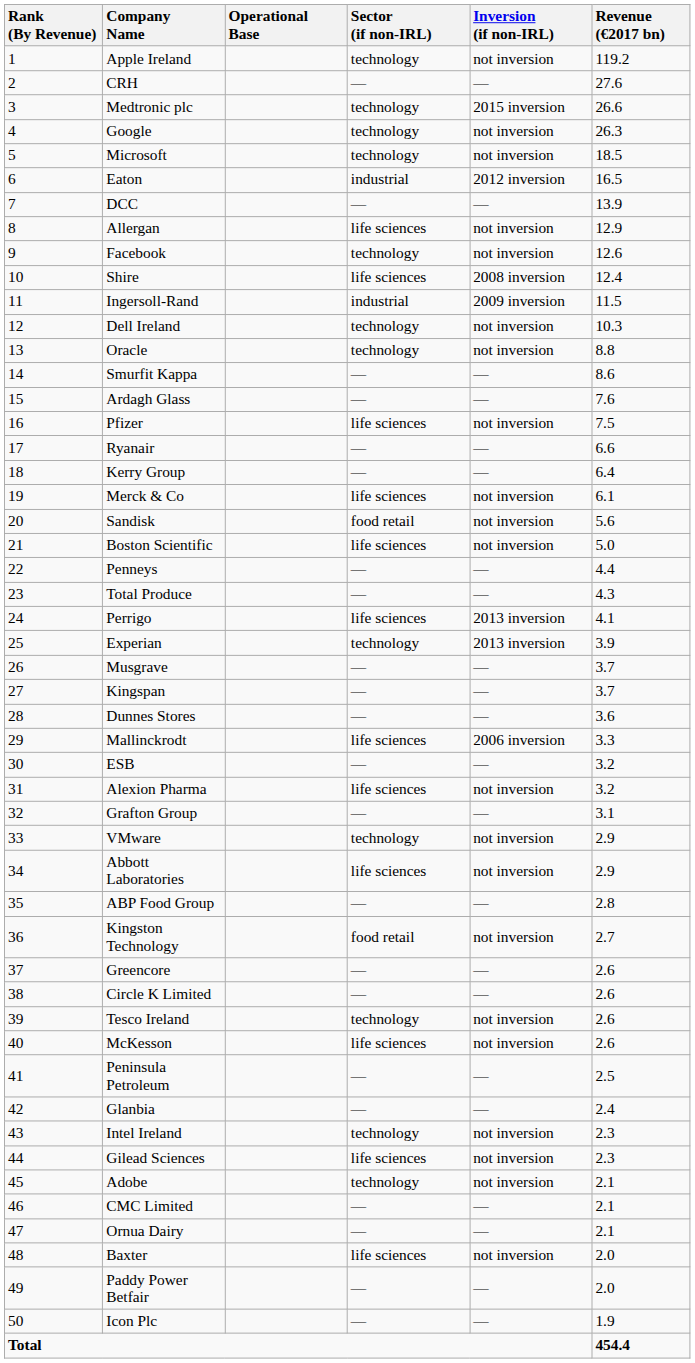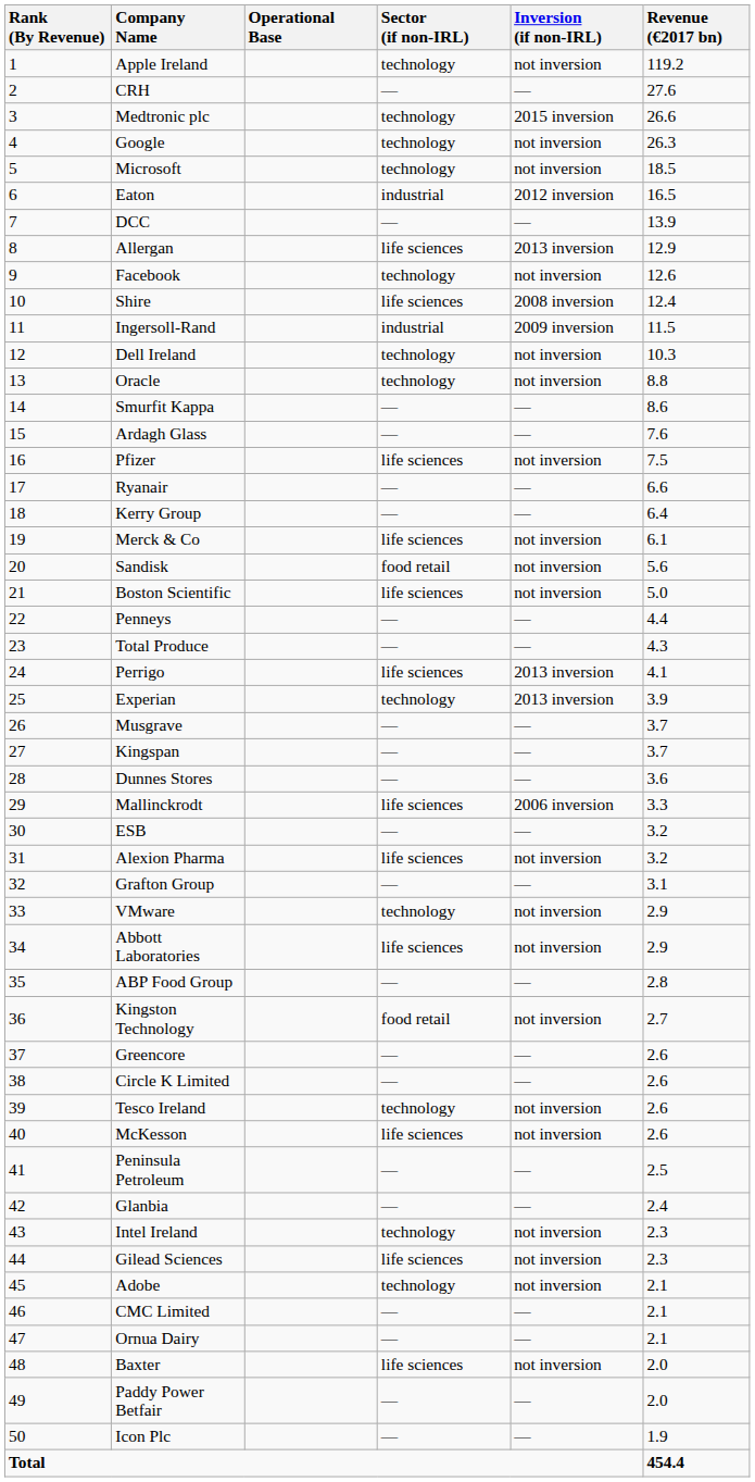 <table class="wikitable sortable" style="text-align:left">
 <tr>
 <th style="width:95px;text-align:left">Rank<br>(By Revenue)</th>
 <th style="width:120px;text-align:left">Company<br>Name</th>
 <th style="width:120px;text-align:left">Operational<br>Base</th>
 <th style="width:120px;text-align:left">Sector<br>(if non-IRL)</th>
 <th style="width:120px;text-align:left"><a href='#'>Inversion</a><br> (if non-IRL)</th>
 <th style="width:95px;text-align:left">Revenue<br>(€2017 bn)</th>
 </tr>
 <tr>
 <td>1</td>
 <td>Apple Ireland</td>
 <td></td>
 <td>technology</td>
 <td>not inversion</td>
 <td>119.2</td>
 </tr>
 <tr>
 <td>2</td>
 <td>CRH</td>
 <td></td>
 <td>—</td>
 <td>—</td>
 <td>27.6</td>
 </tr>
 <tr>
 <td>3</td>
 <td>Medtronic plc</td>
 <td></td>
 <td>technology</td>
 <td>2015 inversion</td>
 <td>26.6</td>
 </tr>
 <tr>
 <td>4</td>
 <td>Google</td>
 <td></td>
 <td>technology</td>
 <td>not inversion</td>
 <td>26.3</td>
 </tr>
 <tr>
 <td>5</td>
 <td>Microsoft</td>
 <td></td>
 <td>technology</td>
 <td>not inversion</td>
 <td>18.5</td>
 </tr>
 <tr>
 <td>6</td>
 <td>Eaton</td>
 <td></td>
 <td>industrial</td>
 <td>2012 inversion</td>
 <td>16.5</td>
 </tr>
 <tr>
 <td>7</td>
 <td>DCC</td>
 <td></td>
 <td>—</td>
 <td>—</td>
 <td>13.9</td>
 </tr>
 <tr>
 <td>8</td>
 <td>Allergan</td>
 <td></td>
 <td>life sciences</td>
-<td>not inversion</td>
+<td>2013 inversion</td>
 <td>12.9</td>
 </tr>
 <tr>
 <td>9</td>
 <td>Facebook</td>
 <td></td>
 <td>technology</td>
 <td>not inversion</td>
 <td>12.6</td>
 </tr>
 <tr>
 <td>10</td>
 <td>Shire</td>
 <td></td>
 <td>life sciences</td>
 <td>2008 inversion</td>
 <td>12.4</td>
 </tr>
 <tr>
 <td>11</td>
 <td>Ingersoll-Rand</td>
 <td></td>
 <td>industrial</td>
 <td>2009 inversion</td>
 <td>11.5</td>
 </tr>
 <tr>
 <td>12</td>
 <td>Dell Ireland</td>
 <td></td>
 <td>technology</td>
 <td>not inversion</td>
 <td>10.3</td>
 </tr>
 <tr>
 <td>13</td>
 <td>Oracle</td>
 <td></td>
 <td>technology</td>
 <td>not inversion</td>
 <td>8.8</td>
 </tr>
 <tr>
 <td>14</td>
 <td>Smurfit Kappa</td>
 <td></td>
 <td>—</td>
 <td>—</td>
 <td>8.6</td>
 </tr>
 <tr>
 <td>15</td>
 <td>Ardagh Glass</td>
 <td></td>
 <td>—</td>
 <td>—</td>
 <td>7.6</td>
 </tr>
 <tr>
 <td>16</td>
 <td>Pfizer</td>
 <td></td>
 <td>life sciences</td>
 <td>not inversion</td>
 <td>7.5</td>
 </tr>
 <tr>
 <td>17</td>
 <td>Ryanair</td>
 <td></td>
 <td>—</td>
 <td>—</td>
 <td>6.6</td>
 </tr>
 <tr>
 <td>18</td>
 <td>Kerry Group</td>
 <td></td>
 <td>—</td>
 <td>—</td>
 <td>6.4</td>
 </tr>
 <tr>
 <td>19</td>
 <td>Merck & Co</td>
 <td></td>
 <td>life sciences</td>
 <td>not inversion</td>
 <td>6.1</td>
 </tr>
 <tr>
 <td>20</td>
 <td>Sandisk</td>
 <td></td>
 <td>food retail</td>
 <td>not inversion</td>
 <td>5.6</td>
 </tr>
 <tr>
 <td>21</td>
 <td>Boston Scientific</td>
 <td></td>
 <td>life sciences</td>
 <td>not inversion</td>
 <td>5.0</td>
 </tr>
 <tr>
 <td>22</td>
 <td>Penneys</td>
 <td></td>
 <td>—</td>
 <td>—</td>
 <td>4.4</td>
 </tr>
 <tr>
 <td>23</td>
 <td>Total Produce</td>
 <td></td>
 <td>—</td>
 <td>—</td>
 <td>4.3</td>
 </tr>
 <tr>
 <td>24</td>
 <td>Perrigo</td>
 <td></td>
 <td>life sciences</td>
 <td>2013 inversion</td>
 <td>4.1</td>
 </tr>
 <tr>
 <td>25</td>
 <td>Experian</td>
 <td></td>
 <td>technology</td>
 <td>2013 inversion</td>
 <td>3.9</td>
 </tr>
 <tr>
 <td>26</td>
 <td>Musgrave</td>
 <td></td>
 <td>—</td>
 <td>—</td>
 <td>3.7</td>
 </tr>
 <tr>
 <td>27</td>
 <td>Kingspan</td>
 <td></td>
 <td>—</td>
 <td>—</td>
 <td>3.7</td>
 </tr>
 <tr>
 <td>28</td>
 <td>Dunnes Stores</td>
 <td></td>
 <td>—</td>
 <td>—</td>
 <td>3.6</td>
 </tr>
 <tr>
 <td>29</td>
 <td>Mallinckrodt</td>
 <td></td>
 <td>life sciences</td>
 <td>2006 inversion</td>
 <td>3.3</td>
 </tr>
 <tr>
 <td>30</td>
 <td>ESB</td>
 <td></td>
 <td>—</td>
 <td>—</td>
 <td>3.2</td>
 </tr>
 <tr>
 <td>31</td>
 <td>Alexion Pharma</td>
 <td></td>
 <td>life sciences</td>
 <td>not inversion</td>
 <td>3.2</td>
 </tr>
 <tr>
 <td>32</td>
 <td>Grafton Group</td>
 <td></td>
 <td>—</td>
 <td>—</td>
 <td>3.1</td>
 </tr>
 <tr>
 <td>33</td>
 <td>VMware</td>
 <td></td>
 <td>technology</td>
 <td>not inversion</td>
 <td>2.9</td>
 </tr>
 <tr>
 <td>34</td>
 <td>Abbott Laboratories</td>
 <td></td>
 <td>life sciences</td>
 <td>not inversion</td>
 <td>2.9</td>
 </tr>
 <tr>
 <td>35</td>
 <td>ABP Food Group</td>
 <td></td>
 <td>—</td>
 <td>—</td>
 <td>2.8</td>
 </tr>
 <tr>
 <td>36</td>
 <td>Kingston Technology</td>
 <td></td>
 <td>food retail</td>
 <td>not inversion</td>
 <td>2.7</td>
 </tr>
 <tr>
 <td>37</td>
 <td>Greencore</td>
 <td></td>
 <td>—</td>
 <td>—</td>
 <td>2.6</td>
 </tr>
 <tr>
 <td>38</td>
 <td>Circle K  Limited</td>
 <td></td>
 <td>—</td>
 <td>—</td>
 <td>2.6</td>
 </tr>
 <tr>
 <td>39</td>
 <td>Tesco Ireland</td>
 <td></td>
 <td>technology</td>
 <td>not inversion</td>
 <td>2.6</td>
 </tr>
 <tr>
 <td>40</td>
 <td>McKesson</td>
 <td></td>
 <td>life sciences</td>
 <td>not inversion</td>
 <td>2.6</td>
 </tr>
 <tr>
 <td>41</td>
 <td>Peninsula Petroleum</td>
 <td></td>
 <td>—</td>
 <td>—</td>
 <td>2.5</td>
 </tr>
 <tr>
 <td>42</td>
 <td>Glanbia</td>
 <td></td>
 <td>—</td>
 <td>—</td>
 <td>2.4</td>
 </tr>
 <tr>
 <td>43</td>
 <td>Intel Ireland</td>
 <td></td>
 <td>technology</td>
 <td>not inversion</td>
 <td>2.3</td>
 </tr>
 <tr>
 <td>44</td>
 <td>Gilead Sciences</td>
 <td></td>
 <td>life sciences</td>
 <td>not inversion</td>
 <td>2.3</td>
 </tr>
 <tr>
 <td>45</td>
 <td>Adobe</td>
 <td></td>
 <td>technology</td>
 <td>not inversion</td>
 <td>2.1</td>
 </tr>
 <tr>
 <td>46</td>
 <td>CMC Limited</td>
 <td></td>
 <td>—</td>
 <td>—</td>
 <td>2.1</td>
 </tr>
 <tr>
 <td>47</td>
 <td>Ornua Dairy</td>
 <td></td>
 <td>—</td>
 <td>—</td>
 <td>2.1</td>
 </tr>
 <tr>
 <td>48</td>
 <td>Baxter</td>
 <td></td>
 <td>life sciences</td>
 <td>not inversion</td>
 <td>2.0</td>
 </tr>
 <tr>
 <td>49</td>
 <td>Paddy Power Betfair</td>
 <td></td>
 <td>—</td>
 <td>—</td>
 <td>2.0</td>
 </tr>
 <tr>
 <td>50</td>
 <td>Icon Plc</td>
 <td></td>
 <td>—</td>
 <td>—</td>
 <td>1.9</td>
 </tr>
 <tr>
 <td colspan="5" style="text-align:left"><strong>Total</strong></td>
 <td><strong>454.4</strong></td>
 </tr>
 </table>
